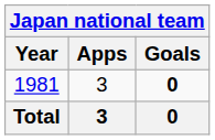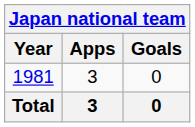 <table class="wikitable" style="text-align:center">
 <tr>
 <th colspan=3><a href='#'>Japan national team</a></th>
 </tr>
 <tr>
 <th>Year</th>
 <th>Apps</th>
 <th>Goals</th>
 </tr>
 <tr>
 <td><a href='#'>1981</a></td>
 <td>3</td>
-<td><strong>0</strong></td>
+<td>0</td>
 </tr>
 <tr>
 <th>Total</th>
 <th>3</th>
 <th>0</th>
 </tr>
 </table>
